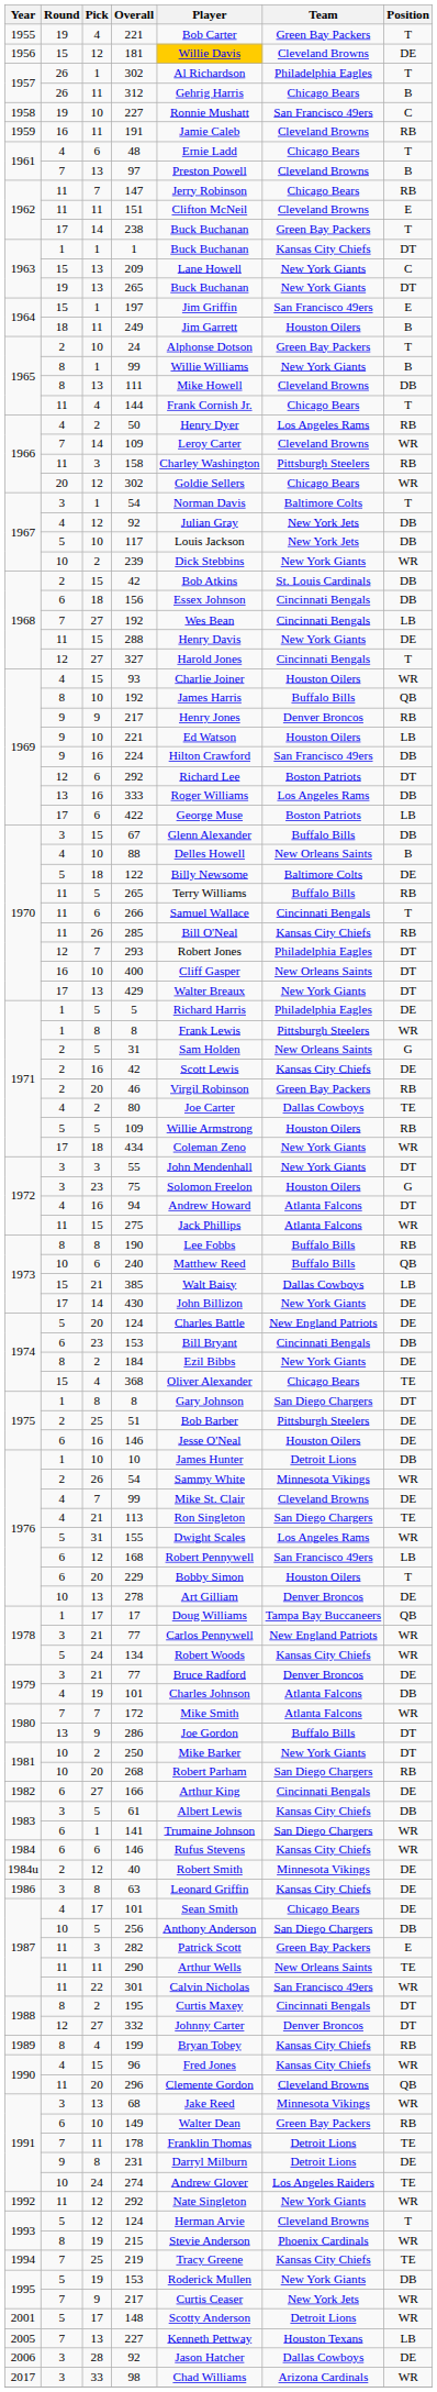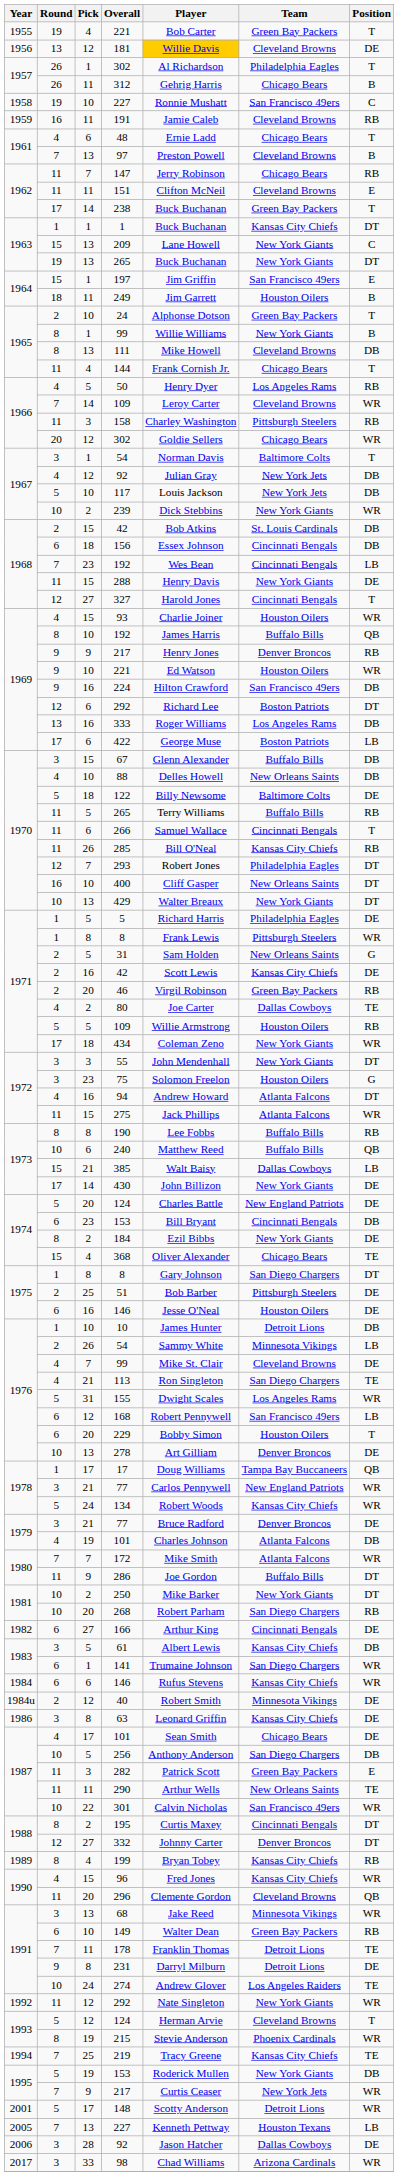 <table class="wikitable sortable" style="text-align: center;">
 <tr>
 <th>Year</th>
 <th>Round</th>
 <th>Pick</th>
 <th>Overall</th>
 <th>Player</th>
 <th>Team</th>
 <th>Position</th>
 </tr>
 <tr>
 <td>1955</td>
 <td>19</td>
 <td>4</td>
 <td>221</td>
 <td><a href='#'>Bob Carter</a></td>
 <td><a href='#'>Green Bay Packers</a></td>
 <td>T</td>
 </tr>
 <tr>
 <td>1956</td>
-<td>15</td>
+<td>13</td>
 <td>12</td>
 <td>181</td>
 <td style="background-color:#FFCC00"><a href='#'>Willie Davis</a></td>
 <td><a href='#'>Cleveland Browns</a></td>
 <td>DE</td>
 </tr>
 <tr>
 <td rowspan="2">1957</td>
 <td>26</td>
 <td>1</td>
 <td>302</td>
 <td><a href='#'>Al Richardson</a></td>
 <td><a href='#'>Philadelphia Eagles</a></td>
 <td>T</td>
 </tr>
 <tr>
 <td>26</td>
 <td>11</td>
 <td>312</td>
 <td><a href='#'>Gehrig Harris</a></td>
 <td><a href='#'>Chicago Bears</a></td>
 <td>B</td>
 </tr>
 <tr>
 <td>1958</td>
 <td>19</td>
 <td>10</td>
 <td>227</td>
 <td><a href='#'>Ronnie Mushatt</a></td>
 <td><a href='#'>San Francisco 49ers</a></td>
 <td>C</td>
 </tr>
 <tr>
 <td>1959</td>
 <td>16</td>
 <td>11</td>
 <td>191</td>
 <td><a href='#'>Jamie Caleb</a></td>
 <td><a href='#'>Cleveland Browns</a></td>
 <td>RB</td>
 </tr>
 <tr>
 <td rowspan="2">1961</td>
 <td>4</td>
 <td>6</td>
 <td>48</td>
 <td><a href='#'>Ernie Ladd</a></td>
 <td><a href='#'>Chicago Bears</a></td>
 <td>T</td>
 </tr>
 <tr>
 <td>7</td>
 <td>13</td>
 <td>97</td>
 <td><a href='#'>Preston Powell</a></td>
 <td><a href='#'>Cleveland Browns</a></td>
 <td>B</td>
 </tr>
 <tr>
 <td rowspan="3">1962</td>
 <td>11</td>
 <td>7</td>
 <td>147</td>
 <td><a href='#'>Jerry Robinson</a></td>
 <td><a href='#'>Chicago Bears</a></td>
 <td>RB</td>
 </tr>
 <tr>
 <td>11</td>
 <td>11</td>
 <td>151</td>
 <td><a href='#'>Clifton McNeil</a></td>
 <td><a href='#'>Cleveland Browns</a></td>
 <td>E</td>
 </tr>
 <tr>
 <td>17</td>
 <td>14</td>
 <td>238</td>
 <td><a href='#'>Buck Buchanan</a></td>
 <td><a href='#'>Green Bay Packers</a></td>
 <td>T</td>
 </tr>
 <tr>
 <td rowspan="3">1963</td>
 <td>1</td>
 <td>1</td>
 <td>1</td>
 <td><a href='#'>Buck Buchanan</a></td>
 <td><a href='#'>Kansas City Chiefs</a></td>
 <td>DT</td>
 </tr>
 <tr>
 <td>15</td>
 <td>13</td>
 <td>209</td>
 <td><a href='#'>Lane Howell</a></td>
 <td><a href='#'>New York Giants</a></td>
 <td>C</td>
 </tr>
 <tr>
 <td>19</td>
 <td>13</td>
 <td>265</td>
 <td><a href='#'>Buck Buchanan</a></td>
 <td><a href='#'>New York Giants</a></td>
 <td>DT</td>
 </tr>
 <tr>
 <td rowspan="2">1964</td>
 <td>15</td>
 <td>1</td>
 <td>197</td>
 <td><a href='#'>Jim Griffin</a></td>
 <td><a href='#'>San Francisco 49ers</a></td>
 <td>E</td>
 </tr>
 <tr>
 <td>18</td>
 <td>11</td>
 <td>249</td>
 <td><a href='#'>Jim Garrett</a></td>
 <td><a href='#'>Houston Oilers</a></td>
 <td>B</td>
 </tr>
 <tr>
 <td rowspan="4">1965</td>
 <td>2</td>
 <td>10</td>
 <td>24</td>
 <td><a href='#'>Alphonse Dotson</a></td>
 <td><a href='#'>Green Bay Packers</a></td>
 <td>T</td>
 </tr>
 <tr>
 <td>8</td>
 <td>1</td>
 <td>99</td>
 <td><a href='#'>Willie Williams</a></td>
 <td><a href='#'>New York Giants</a></td>
 <td>B</td>
 </tr>
 <tr>
 <td>8</td>
 <td>13</td>
 <td>111</td>
 <td><a href='#'>Mike Howell</a></td>
 <td><a href='#'>Cleveland Browns</a></td>
 <td>DB</td>
 </tr>
 <tr>
 <td>11</td>
 <td>4</td>
 <td>144</td>
 <td><a href='#'>Frank Cornish Jr.</a></td>
 <td><a href='#'>Chicago Bears</a></td>
 <td>T</td>
 </tr>
 <tr>
 <td rowspan="4">1966</td>
 <td>4</td>
-<td>2</td>
+<td>5</td>
 <td>50</td>
 <td><a href='#'>Henry Dyer</a></td>
 <td><a href='#'>Los Angeles Rams</a></td>
 <td>RB</td>
 </tr>
 <tr>
 <td>7</td>
 <td>14</td>
 <td>109</td>
 <td><a href='#'>Leroy Carter</a></td>
 <td><a href='#'>Cleveland Browns</a></td>
 <td>WR</td>
 </tr>
 <tr>
 <td>11</td>
 <td>3</td>
 <td>158</td>
 <td><a href='#'>Charley Washington</a></td>
 <td><a href='#'>Pittsburgh Steelers</a></td>
 <td>RB</td>
 </tr>
 <tr>
 <td>20</td>
 <td>12</td>
 <td>302</td>
 <td><a href='#'>Goldie Sellers</a></td>
 <td><a href='#'>Chicago Bears</a></td>
 <td>WR</td>
 </tr>
 <tr>
 <td rowspan="4">1967</td>
 <td>3</td>
 <td>1</td>
 <td>54</td>
 <td><a href='#'>Norman Davis</a></td>
 <td><a href='#'>Baltimore Colts</a></td>
 <td>T</td>
 </tr>
 <tr>
 <td>4</td>
 <td>12</td>
 <td>92</td>
 <td><a href='#'>Julian Gray</a></td>
 <td><a href='#'>New York Jets</a></td>
 <td>DB</td>
 </tr>
 <tr>
 <td>5</td>
 <td>10</td>
 <td>117</td>
 <td>Louis Jackson</td>
 <td><a href='#'>New York Jets</a></td>
 <td>DB</td>
 </tr>
 <tr>
 <td>10</td>
 <td>2</td>
 <td>239</td>
 <td><a href='#'>Dick Stebbins</a></td>
 <td><a href='#'>New York Giants</a></td>
 <td>WR</td>
 </tr>
 <tr>
 <td rowspan="5">1968</td>
 <td>2</td>
 <td>15</td>
 <td>42</td>
 <td><a href='#'>Bob Atkins</a></td>
 <td><a href='#'>St. Louis Cardinals</a></td>
 <td>DB</td>
 </tr>
 <tr>
 <td>6</td>
 <td>18</td>
 <td>156</td>
 <td><a href='#'>Essex Johnson</a></td>
 <td><a href='#'>Cincinnati Bengals</a></td>
 <td>DB</td>
 </tr>
 <tr>
 <td>7</td>
-<td>27</td>
+<td>23</td>
 <td>192</td>
 <td><a href='#'>Wes Bean</a></td>
 <td><a href='#'>Cincinnati Bengals</a></td>
 <td>LB</td>
 </tr>
 <tr>
 <td>11</td>
 <td>15</td>
 <td>288</td>
 <td><a href='#'>Henry Davis</a></td>
 <td><a href='#'>New York Giants</a></td>
 <td>DE</td>
 </tr>
 <tr>
 <td>12</td>
 <td>27</td>
 <td>327</td>
 <td><a href='#'>Harold Jones</a></td>
 <td><a href='#'>Cincinnati Bengals</a></td>
 <td>T</td>
 </tr>
 <tr>
 <td rowspan="8">1969</td>
 <td>4</td>
 <td>15</td>
 <td>93</td>
 <td><a href='#'>Charlie Joiner</a></td>
 <td><a href='#'>Houston Oilers</a></td>
 <td>WR</td>
 </tr>
 <tr>
 <td>8</td>
 <td>10</td>
 <td>192</td>
 <td><a href='#'>James Harris</a></td>
 <td><a href='#'>Buffalo Bills</a></td>
 <td>QB</td>
 </tr>
 <tr>
 <td>9</td>
 <td>9</td>
 <td>217</td>
 <td><a href='#'>Henry Jones</a></td>
 <td><a href='#'>Denver Broncos</a></td>
 <td>RB</td>
 </tr>
 <tr>
 <td>9</td>
 <td>10</td>
 <td>221</td>
 <td><a href='#'>Ed Watson</a></td>
 <td><a href='#'>Houston Oilers</a></td>
-<td>LB</td>
+<td>WR</td>
 </tr>
 <tr>
 <td>9</td>
 <td>16</td>
 <td>224</td>
 <td><a href='#'>Hilton Crawford</a></td>
 <td><a href='#'>San Francisco 49ers</a></td>
 <td>DB</td>
 </tr>
 <tr>
 <td>12</td>
 <td>6</td>
 <td>292</td>
 <td><a href='#'>Richard Lee</a></td>
 <td><a href='#'>Boston Patriots</a></td>
 <td>DT</td>
 </tr>
 <tr>
 <td>13</td>
 <td>16</td>
 <td>333</td>
 <td><a href='#'>Roger Williams</a></td>
 <td><a href='#'>Los Angeles Rams</a></td>
 <td>DB</td>
 </tr>
 <tr>
 <td>17</td>
 <td>6</td>
 <td>422</td>
 <td><a href='#'>George Muse</a></td>
 <td><a href='#'>Boston Patriots</a></td>
 <td>LB</td>
 </tr>
 <tr>
 <td rowspan="9">1970</td>
 <td>3</td>
 <td>15</td>
 <td>67</td>
 <td><a href='#'>Glenn Alexander</a></td>
 <td><a href='#'>Buffalo Bills</a></td>
 <td>DB</td>
 </tr>
 <tr>
 <td>4</td>
 <td>10</td>
 <td>88</td>
 <td><a href='#'>Delles Howell</a></td>
 <td><a href='#'>New Orleans Saints</a></td>
-<td>B</td>
+<td>DB</td>
 </tr>
 <tr>
 <td>5</td>
 <td>18</td>
 <td>122</td>
 <td><a href='#'>Billy Newsome</a></td>
 <td><a href='#'>Baltimore Colts</a></td>
 <td>DE</td>
 </tr>
 <tr>
 <td>11</td>
 <td>5</td>
 <td>265</td>
 <td>Terry Williams</td>
 <td><a href='#'>Buffalo Bills</a></td>
 <td>RB</td>
 </tr>
 <tr>
 <td>11</td>
 <td>6</td>
 <td>266</td>
 <td><a href='#'>Samuel Wallace</a></td>
 <td><a href='#'>Cincinnati Bengals</a></td>
 <td>T</td>
 </tr>
 <tr>
 <td>11</td>
 <td>26</td>
 <td>285</td>
 <td><a href='#'>Bill O'Neal</a></td>
 <td><a href='#'>Kansas City Chiefs</a></td>
 <td>RB</td>
 </tr>
 <tr>
 <td>12</td>
 <td>7</td>
 <td>293</td>
 <td>Robert Jones</td>
 <td><a href='#'>Philadelphia Eagles</a></td>
 <td>DT</td>
 </tr>
 <tr>
 <td>16</td>
 <td>10</td>
 <td>400</td>
 <td><a href='#'>Cliff Gasper</a></td>
 <td><a href='#'>New Orleans Saints</a></td>
 <td>DT</td>
 </tr>
 <tr>
-<td>17</td>
+<td>10</td>
 <td>13</td>
 <td>429</td>
 <td><a href='#'>Walter Breaux</a></td>
 <td><a href='#'>New York Giants</a></td>
 <td>DT</td>
 </tr>
 <tr>
 <td rowspan="8">1971</td>
 <td>1</td>
 <td>5</td>
 <td>5</td>
 <td><a href='#'>Richard Harris</a></td>
 <td><a href='#'>Philadelphia Eagles</a></td>
 <td>DE</td>
 </tr>
 <tr>
 <td>1</td>
 <td>8</td>
 <td>8</td>
 <td><a href='#'>Frank Lewis</a></td>
 <td><a href='#'>Pittsburgh Steelers</a></td>
 <td>WR</td>
 </tr>
 <tr>
 <td>2</td>
 <td>5</td>
 <td>31</td>
 <td><a href='#'>Sam Holden</a></td>
 <td><a href='#'>New Orleans Saints</a></td>
 <td>G</td>
 </tr>
 <tr>
 <td>2</td>
 <td>16</td>
 <td>42</td>
 <td><a href='#'>Scott Lewis</a></td>
 <td><a href='#'>Kansas City Chiefs</a></td>
 <td>DE</td>
 </tr>
 <tr>
 <td>2</td>
 <td>20</td>
 <td>46</td>
 <td><a href='#'>Virgil Robinson</a></td>
 <td><a href='#'>Green Bay Packers</a></td>
 <td>RB</td>
 </tr>
 <tr>
 <td>4</td>
 <td>2</td>
 <td>80</td>
 <td><a href='#'>Joe Carter</a></td>
 <td><a href='#'>Dallas Cowboys</a></td>
 <td>TE</td>
 </tr>
 <tr>
 <td>5</td>
 <td>5</td>
 <td>109</td>
 <td><a href='#'>Willie Armstrong</a></td>
 <td><a href='#'>Houston Oilers</a></td>
 <td>RB</td>
 </tr>
 <tr>
 <td>17</td>
 <td>18</td>
 <td>434</td>
 <td><a href='#'>Coleman Zeno</a></td>
 <td><a href='#'>New York Giants</a></td>
 <td>WR</td>
 </tr>
 <tr>
 <td rowspan="4">1972</td>
 <td>3</td>
 <td>3</td>
 <td>55</td>
 <td><a href='#'>John Mendenhall</a></td>
 <td><a href='#'>New York Giants</a></td>
 <td>DT</td>
 </tr>
 <tr>
 <td>3</td>
 <td>23</td>
 <td>75</td>
 <td><a href='#'>Solomon Freelon</a></td>
 <td><a href='#'>Houston Oilers</a></td>
 <td>G</td>
 </tr>
 <tr>
 <td>4</td>
 <td>16</td>
 <td>94</td>
 <td><a href='#'>Andrew Howard</a></td>
 <td><a href='#'>Atlanta Falcons</a></td>
 <td>DT</td>
 </tr>
 <tr>
 <td>11</td>
 <td>15</td>
 <td>275</td>
 <td><a href='#'>Jack Phillips</a></td>
 <td><a href='#'>Atlanta Falcons</a></td>
 <td>WR</td>
 </tr>
 <tr>
 <td rowspan="4">1973</td>
 <td>8</td>
 <td>8</td>
 <td>190</td>
 <td><a href='#'>Lee Fobbs</a></td>
 <td><a href='#'>Buffalo Bills</a></td>
 <td>RB</td>
 </tr>
 <tr>
 <td>10</td>
 <td>6</td>
 <td>240</td>
 <td><a href='#'>Matthew Reed</a></td>
 <td><a href='#'>Buffalo Bills</a></td>
 <td>QB</td>
 </tr>
 <tr>
 <td>15</td>
 <td>21</td>
 <td>385</td>
 <td><a href='#'>Walt Baisy</a></td>
 <td><a href='#'>Dallas Cowboys</a></td>
 <td>LB</td>
 </tr>
 <tr>
 <td>17</td>
 <td>14</td>
 <td>430</td>
 <td><a href='#'>John Billizon</a></td>
 <td><a href='#'>New York Giants</a></td>
 <td>DE</td>
 </tr>
 <tr>
 <td rowspan="4">1974</td>
 <td>5</td>
 <td>20</td>
 <td>124</td>
 <td><a href='#'>Charles Battle</a></td>
 <td><a href='#'>New England Patriots</a></td>
 <td>DE</td>
 </tr>
 <tr>
 <td>6</td>
 <td>23</td>
 <td>153</td>
 <td><a href='#'>Bill Bryant</a></td>
 <td><a href='#'>Cincinnati Bengals</a></td>
 <td>DB</td>
 </tr>
 <tr>
 <td>8</td>
 <td>2</td>
 <td>184</td>
 <td><a href='#'>Ezil Bibbs</a></td>
 <td><a href='#'>New York Giants</a></td>
 <td>DE</td>
 </tr>
 <tr>
 <td>15</td>
 <td>4</td>
 <td>368</td>
 <td><a href='#'>Oliver Alexander</a></td>
 <td><a href='#'>Chicago Bears</a></td>
 <td>TE</td>
 </tr>
 <tr>
 <td rowspan="3">1975</td>
 <td>1</td>
 <td>8</td>
 <td>8</td>
 <td><a href='#'>Gary Johnson</a></td>
 <td><a href='#'>San Diego Chargers</a></td>
 <td>DT</td>
 </tr>
 <tr>
 <td>2</td>
 <td>25</td>
 <td>51</td>
 <td><a href='#'>Bob Barber</a></td>
 <td><a href='#'>Pittsburgh Steelers</a></td>
 <td>DE</td>
 </tr>
 <tr>
 <td>6</td>
 <td>16</td>
 <td>146</td>
 <td><a href='#'>Jesse O'Neal</a></td>
 <td><a href='#'>Houston Oilers</a></td>
 <td>DE</td>
 </tr>
 <tr>
 <td rowspan="8">1976</td>
 <td>1</td>
 <td>10</td>
 <td>10</td>
 <td><a href='#'>James Hunter</a></td>
 <td><a href='#'>Detroit Lions</a></td>
 <td>DB</td>
 </tr>
 <tr>
 <td>2</td>
 <td>26</td>
 <td>54</td>
 <td><a href='#'>Sammy White</a></td>
 <td><a href='#'>Minnesota Vikings</a></td>
-<td>WR</td>
+<td>LB</td>
 </tr>
 <tr>
 <td>4</td>
 <td>7</td>
 <td>99</td>
 <td><a href='#'>Mike St. Clair</a></td>
 <td><a href='#'>Cleveland Browns</a></td>
 <td>DE</td>
 </tr>
 <tr>
 <td>4</td>
 <td>21</td>
 <td>113</td>
 <td><a href='#'>Ron Singleton</a></td>
 <td><a href='#'>San Diego Chargers</a></td>
 <td>TE</td>
 </tr>
 <tr>
 <td>5</td>
 <td>31</td>
 <td>155</td>
 <td><a href='#'>Dwight Scales</a></td>
 <td><a href='#'>Los Angeles Rams</a></td>
 <td>WR</td>
 </tr>
 <tr>
 <td>6</td>
 <td>12</td>
 <td>168</td>
 <td><a href='#'>Robert Pennywell</a></td>
 <td><a href='#'>San Francisco 49ers</a></td>
 <td>LB</td>
 </tr>
 <tr>
 <td>6</td>
 <td>20</td>
 <td>229</td>
 <td><a href='#'>Bobby Simon</a></td>
 <td><a href='#'>Houston Oilers</a></td>
 <td>T</td>
 </tr>
 <tr>
 <td>10</td>
 <td>13</td>
 <td>278</td>
 <td><a href='#'>Art Gilliam</a></td>
 <td><a href='#'>Denver Broncos</a></td>
 <td>DE</td>
 </tr>
 <tr>
 <td rowspan="3">1978</td>
 <td>1</td>
 <td>17</td>
 <td>17</td>
 <td><a href='#'>Doug Williams</a></td>
 <td><a href='#'>Tampa Bay Buccaneers</a></td>
 <td>QB</td>
 </tr>
 <tr>
 <td>3</td>
 <td>21</td>
 <td>77</td>
 <td><a href='#'>Carlos Pennywell</a></td>
 <td><a href='#'>New England Patriots</a></td>
 <td>WR</td>
 </tr>
 <tr>
 <td>5</td>
 <td>24</td>
 <td>134</td>
 <td><a href='#'>Robert Woods</a></td>
 <td><a href='#'>Kansas City Chiefs</a></td>
 <td>WR</td>
 </tr>
 <tr>
 <td rowspan="2">1979</td>
 <td>3</td>
 <td>21</td>
 <td>77</td>
 <td><a href='#'>Bruce Radford</a></td>
 <td><a href='#'>Denver Broncos</a></td>
 <td>DE</td>
 </tr>
 <tr>
 <td>4</td>
 <td>19</td>
 <td>101</td>
 <td><a href='#'>Charles Johnson</a></td>
 <td><a href='#'>Atlanta Falcons</a></td>
 <td>DB</td>
 </tr>
 <tr>
 <td rowspan="2">1980</td>
 <td>7</td>
 <td>7</td>
 <td>172</td>
 <td><a href='#'>Mike Smith</a></td>
 <td><a href='#'>Atlanta Falcons</a></td>
 <td>WR</td>
 </tr>
 <tr>
-<td>13</td>
+<td>11</td>
 <td>9</td>
 <td>286</td>
 <td><a href='#'>Joe Gordon</a></td>
 <td><a href='#'>Buffalo Bills</a></td>
 <td>DT</td>
 </tr>
 <tr>
 <td rowspan="2">1981</td>
 <td>10</td>
 <td>2</td>
 <td>250</td>
 <td><a href='#'>Mike Barker</a></td>
 <td><a href='#'>New York Giants</a></td>
 <td>DT</td>
 </tr>
 <tr>
 <td>10</td>
 <td>20</td>
 <td>268</td>
 <td><a href='#'>Robert Parham</a></td>
 <td><a href='#'>San Diego Chargers</a></td>
 <td>RB</td>
 </tr>
 <tr>
 <td>1982</td>
 <td>6</td>
 <td>27</td>
 <td>166</td>
 <td><a href='#'>Arthur King</a></td>
 <td><a href='#'>Cincinnati Bengals</a></td>
 <td>DE</td>
 </tr>
 <tr>
 <td rowspan="2">1983</td>
 <td>3</td>
 <td>5</td>
 <td>61</td>
 <td><a href='#'>Albert Lewis</a></td>
 <td><a href='#'>Kansas City Chiefs</a></td>
 <td>DB</td>
 </tr>
 <tr>
 <td>6</td>
 <td>1</td>
 <td>141</td>
 <td><a href='#'>Trumaine Johnson</a></td>
 <td><a href='#'>San Diego Chargers</a></td>
 <td>WR</td>
 </tr>
 <tr>
 <td>1984</td>
 <td>6</td>
 <td>6</td>
 <td>146</td>
 <td><a href='#'>Rufus Stevens</a></td>
 <td><a href='#'>Kansas City Chiefs</a></td>
 <td>WR</td>
 </tr>
 <tr>
 <td>1984u</td>
 <td>2</td>
 <td>12</td>
 <td>40</td>
 <td><a href='#'>Robert Smith</a></td>
 <td><a href='#'>Minnesota Vikings</a></td>
 <td>DE</td>
 </tr>
 <tr>
 <td>1986</td>
 <td>3</td>
 <td>8</td>
 <td>63</td>
 <td><a href='#'>Leonard Griffin</a></td>
 <td><a href='#'>Kansas City Chiefs</a></td>
 <td>DE</td>
 </tr>
 <tr>
 <td rowspan="5">1987</td>
 <td>4</td>
 <td>17</td>
 <td>101</td>
 <td><a href='#'>Sean Smith</a></td>
 <td><a href='#'>Chicago Bears</a></td>
 <td>DE</td>
 </tr>
 <tr>
 <td>10</td>
 <td>5</td>
 <td>256</td>
 <td><a href='#'>Anthony Anderson</a></td>
 <td><a href='#'>San Diego Chargers</a></td>
 <td>DB</td>
 </tr>
 <tr>
 <td>11</td>
 <td>3</td>
 <td>282</td>
 <td><a href='#'>Patrick Scott</a></td>
 <td><a href='#'>Green Bay Packers</a></td>
 <td>E</td>
 </tr>
 <tr>
 <td>11</td>
 <td>11</td>
 <td>290</td>
 <td><a href='#'>Arthur Wells</a></td>
 <td><a href='#'>New Orleans Saints</a></td>
 <td>TE</td>
 </tr>
 <tr>
-<td>11</td>
+<td>10</td>
 <td>22</td>
 <td>301</td>
 <td><a href='#'>Calvin Nicholas</a></td>
 <td><a href='#'>San Francisco 49ers</a></td>
 <td>WR</td>
 </tr>
 <tr>
 <td rowspan="2">1988</td>
 <td>8</td>
 <td>2</td>
 <td>195</td>
 <td><a href='#'>Curtis Maxey</a></td>
 <td><a href='#'>Cincinnati Bengals</a></td>
 <td>DT</td>
 </tr>
 <tr>
 <td>12</td>
 <td>27</td>
 <td>332</td>
 <td><a href='#'>Johnny Carter</a></td>
 <td><a href='#'>Denver Broncos</a></td>
 <td>DT</td>
 </tr>
 <tr>
 <td>1989</td>
 <td>8</td>
 <td>4</td>
 <td>199</td>
 <td><a href='#'>Bryan Tobey</a></td>
 <td><a href='#'>Kansas City Chiefs</a></td>
 <td>RB</td>
 </tr>
 <tr>
 <td rowspan="2">1990</td>
 <td>4</td>
 <td>15</td>
 <td>96</td>
 <td><a href='#'>Fred Jones</a></td>
 <td><a href='#'>Kansas City Chiefs</a></td>
 <td>WR</td>
 </tr>
 <tr>
 <td>11</td>
 <td>20</td>
 <td>296</td>
 <td><a href='#'>Clemente Gordon</a></td>
 <td><a href='#'>Cleveland Browns</a></td>
 <td>QB</td>
 </tr>
 <tr>
 <td rowspan="5">1991</td>
 <td>3</td>
 <td>13</td>
 <td>68</td>
 <td><a href='#'>Jake Reed</a></td>
 <td><a href='#'>Minnesota Vikings</a></td>
 <td>WR</td>
 </tr>
 <tr>
 <td>6</td>
 <td>10</td>
 <td>149</td>
 <td><a href='#'>Walter Dean</a></td>
 <td><a href='#'>Green Bay Packers</a></td>
 <td>RB</td>
 </tr>
 <tr>
 <td>7</td>
 <td>11</td>
 <td>178</td>
 <td><a href='#'>Franklin Thomas</a></td>
 <td><a href='#'>Detroit Lions</a></td>
 <td>TE</td>
 </tr>
 <tr>
 <td>9</td>
 <td>8</td>
 <td>231</td>
 <td><a href='#'>Darryl Milburn</a></td>
 <td><a href='#'>Detroit Lions</a></td>
 <td>DE</td>
 </tr>
 <tr>
 <td>10</td>
 <td>24</td>
 <td>274</td>
 <td><a href='#'>Andrew Glover</a></td>
 <td><a href='#'>Los Angeles Raiders</a></td>
 <td>TE</td>
 </tr>
 <tr>
 <td>1992</td>
 <td>11</td>
 <td>12</td>
 <td>292</td>
 <td><a href='#'>Nate Singleton</a></td>
 <td><a href='#'>New York Giants</a></td>
 <td>WR</td>
 </tr>
 <tr>
 <td rowspan="2">1993</td>
 <td>5</td>
 <td>12</td>
 <td>124</td>
 <td><a href='#'>Herman Arvie</a></td>
 <td><a href='#'>Cleveland Browns</a></td>
 <td>T</td>
 </tr>
 <tr>
 <td>8</td>
 <td>19</td>
 <td>215</td>
 <td><a href='#'>Stevie Anderson</a></td>
 <td><a href='#'>Phoenix Cardinals</a></td>
 <td>WR</td>
 </tr>
 <tr>
 <td>1994</td>
 <td>7</td>
 <td>25</td>
 <td>219</td>
 <td><a href='#'>Tracy Greene</a></td>
 <td><a href='#'>Kansas City Chiefs</a></td>
 <td>TE</td>
 </tr>
 <tr>
 <td rowspan="2">1995</td>
 <td>5</td>
 <td>19</td>
 <td>153</td>
 <td><a href='#'>Roderick Mullen</a></td>
 <td><a href='#'>New York Giants</a></td>
 <td>DB</td>
 </tr>
 <tr>
 <td>7</td>
 <td>9</td>
 <td>217</td>
 <td><a href='#'>Curtis Ceaser</a></td>
 <td><a href='#'>New York Jets</a></td>
 <td>WR</td>
 </tr>
 <tr>
 <td>2001</td>
 <td>5</td>
 <td>17</td>
 <td>148</td>
 <td><a href='#'>Scotty Anderson</a></td>
 <td><a href='#'>Detroit Lions</a></td>
 <td>WR</td>
 </tr>
 <tr>
 <td>2005</td>
 <td>7</td>
 <td>13</td>
 <td>227</td>
 <td><a href='#'>Kenneth Pettway</a></td>
 <td><a href='#'>Houston Texans</a></td>
 <td>LB</td>
 </tr>
 <tr>
 <td>2006</td>
 <td>3</td>
 <td>28</td>
 <td>92</td>
 <td><a href='#'>Jason Hatcher</a></td>
 <td><a href='#'>Dallas Cowboys</a></td>
 <td>DE</td>
 </tr>
 <tr>
 <td>2017</td>
 <td>3</td>
 <td>33</td>
 <td>98</td>
 <td><a href='#'>Chad Williams</a></td>
 <td><a href='#'>Arizona Cardinals</a></td>
 <td>WR</td>
 </tr>
 <tr>
 </tr>
 </table>
